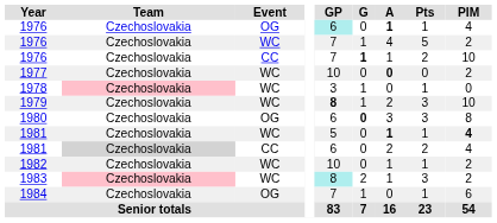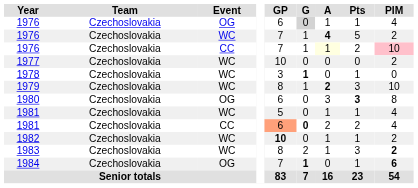 <table border="0" cellpadding="1" cellspacing="0" style="text-align:center; width:40em">
 <tr ALIGN="center" bgcolor="#e0e0e0">
 <th>Year</th>
 <th>Team</th>
 <th>Event</th>
 <th rowspan="99" bgcolor="#ffffff"> </th>
 <th>GP</th>
 <th>G</th>
 <th>A</th>
 <th>Pts</th>
 <th>PIM</th>
 </tr>
 <tr>
 <td><a href='#'>1976</a></td>
 <td><a href='#'>Czechoslovakia</a></td>
 <td><a href='#'>OG</a></td>
-<td style="background: paleturquoise;">6</td>
-<td>0</td>
-<td><strong>1</strong></td>
+<td>6</td>
+<td style="background: lightgrey;">0</td>
+<td>1</td>
 <td>1</td>
 <td>4</td>
 </tr>
 <tr bgcolor="#f0f0f0">
 <td><a href='#'>1976</a></td>
 <td>Czechoslovakia</td>
 <td><a href='#'>WC</a></td>
 <td>7</td>
 <td>1</td>
-<td>4</td>
+<td><strong>4</strong></td>
 <td>5</td>
 <td>2</td>
 </tr>
 <tr>
 <td><a href='#'>1976</a></td>
 <td>Czechoslovakia</td>
 <td><a href='#'>CC</a></td>
 <td>7</td>
-<td><strong>1</strong></td>
 <td>1</td>
+<td style="background: lightyellow;">1</td>
 <td>2</td>
-<td>10</td>
+<td style="background: pink;">10</td>
 </tr>
 <tr bgcolor="#f0f0f0">
 <td><a href='#'>1977</a></td>
 <td>Czechoslovakia</td>
 <td>WC</td>
 <td>10</td>
 <td>0</td>
-<td><strong>0</strong></td>
+<td>0</td>
 <td>0</td>
 <td>2</td>
 </tr>
 <tr>
 <td><a href='#'>1978</a></td>
-<td style="background: pink;">Czechoslovakia</td>
+<td>Czechoslovakia</td>
 <td>WC</td>
 <td>3</td>
-<td>1</td>
+<td><strong>1</strong></td>
 <td>0</td>
 <td>1</td>
 <td>0</td>
 </tr>
 <tr bgcolor="#f0f0f0">
 <td><a href='#'>1979</a></td>
 <td>Czechoslovakia</td>
 <td>WC</td>
-<td><strong>8</strong></td>
+<td>8</td>
 <td>1</td>
-<td>2</td>
+<td><strong>2</strong></td>
 <td>3</td>
 <td>10</td>
 </tr>
 <tr>
 <td><a href='#'>1980</a></td>
 <td>Czechoslovakia</td>
 <td>OG</td>
 <td>6</td>
-<td><strong>0</strong></td>
+<td>0</td>
 <td>3</td>
-<td>3</td>
+<td><strong>3</strong></td>
 <td>8</td>
 </tr>
 <tr bgcolor="#f0f0f0">
 <td><a href='#'>1981</a></td>
 <td>Czechoslovakia</td>
 <td>WC</td>
 <td>5</td>
 <td>0</td>
-<td><strong>1</strong></td>
 <td>1</td>
-<td><strong>4</strong></td>
+<td>1</td>
+<td>4</td>
 </tr>
 <tr>
 <td><a href='#'>1981</a></td>
-<td style="background: lightgrey;">Czechoslovakia</td>
+<td>Czechoslovakia</td>
 <td>CC</td>
-<td>6</td>
-<td>0</td>
+<td style="background: lightsalmon;">6</td>
+<td><strong>0</strong></td>
 <td>2</td>
 <td>2</td>
 <td>4</td>
 </tr>
 <tr bgcolor="#f0f0f0">
 <td><a href='#'>1982</a></td>
 <td>Czechoslovakia</td>
 <td>WC</td>
-<td>10</td>
+<td><strong>10</strong></td>
 <td>0</td>
 <td>1</td>
 <td>1</td>
 <td>2</td>
 </tr>
 <tr>
 <td><a href='#'>1983</a></td>
-<td style="background: pink;">Czechoslovakia</td>
+<td>Czechoslovakia</td>
 <td>WC</td>
-<td style="background: paleturquoise;">8</td>
+<td>8</td>
 <td>2</td>
 <td>1</td>
 <td>3</td>
-<td>2</td>
+<td><strong>2</strong></td>
 </tr>
 <tr bgcolor="#f0f0f0">
 <td><a href='#'>1984</a></td>
 <td>Czechoslovakia</td>
 <td>OG</td>
 <td>7</td>
-<td>1</td>
+<td><strong>1</strong></td>
 <td>0</td>
 <td>1</td>
-<td>6</td>
+<td><strong>6</strong></td>
 </tr>
 <tr bgcolor="#e0e0e0">
 <th colspan=3>Senior totals</th>
 <th>83</th>
 <th>7</th>
 <th>16</th>
 <th>23</th>
 <th>54</th>
 </tr>
 </table>
